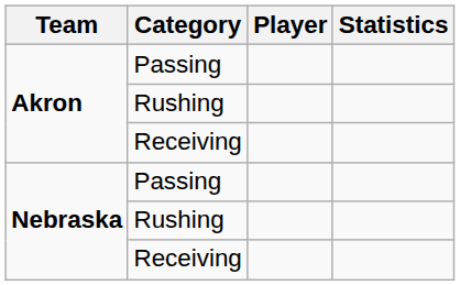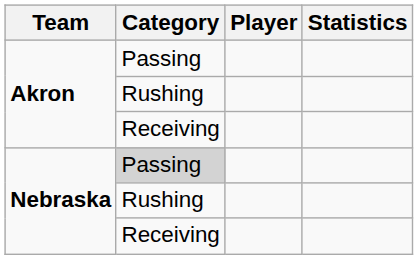 <table class="wikitable" style="float: right;">
 <tr>
 <th>Team</th>
 <th>Category</th>
 <th>Player</th>
 <th>Statistics</th>
 </tr>
 <tr>
 <td rowspan=3><strong>Akron</strong></td>
 <td>Passing</td>
 <td></td>
 <td></td>
 </tr>
 <tr>
 <td>Rushing</td>
 <td></td>
 <td></td>
 </tr>
 <tr>
 <td>Receiving</td>
 <td></td>
 <td></td>
 </tr>
 <tr>
 <td rowspan=3><strong>Nebraska</strong></td>
-<td>Passing</td>
+<td style="background: lightgrey;">Passing</td>
 <td></td>
 <td></td>
 </tr>
 <tr>
 <td>Rushing</td>
 <td></td>
 <td></td>
 </tr>
 <tr>
 <td>Receiving</td>
 <td></td>
 <td></td>
 </tr>
 </table>
